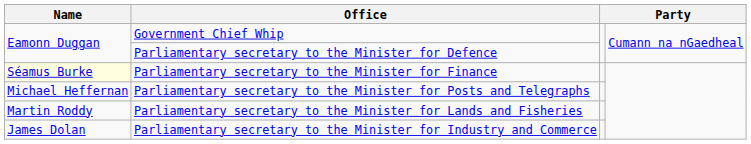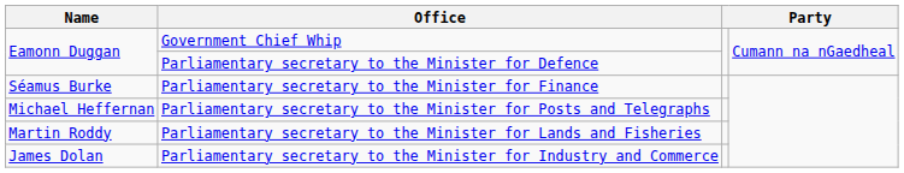 <table class="wikitable">
 <tr>
 <th>Name</th>
 <th>Office</th>
 <th colspan="2">Party</th>
 </tr>
 <tr>
 <td rowspan="2"><a href='#'>Eamonn Duggan</a></td>
 <td><a href='#'>Government Chief Whip</a></td>
 <td rowspan="2" style="background-color: "></td>
 <td rowspan="2"><a href='#'>Cumann na nGaedheal</a></td>
 </tr>
 <tr>
 <td><a href='#'>Parliamentary secretary to the Minister for Defence</a></td>
 </tr>
 <tr>
-<td style="background: lightyellow;"><a href='#'>Séamus Burke</a></td>
+<td><a href='#'>Séamus Burke</a></td>
 <td><a href='#'>Parliamentary secretary to the Minister for Finance</a></td>
 <td></td>
 </tr>
 <tr>
 <td><a href='#'>Michael Heffernan</a></td>
 <td><a href='#'>Parliamentary secretary to the Minister for Posts and Telegraphs</a></td>
 <td></td>
 </tr>
 <tr>
 <td><a href='#'>Martin Roddy</a></td>
 <td><a href='#'>Parliamentary secretary to the Minister for Lands and Fisheries</a></td>
 <td></td>
 </tr>
 <tr>
 <td><a href='#'>James Dolan</a></td>
 <td><a href='#'>Parliamentary secretary to the Minister for Industry and Commerce</a></td>
 <td></td>
 </tr>
 </table>
